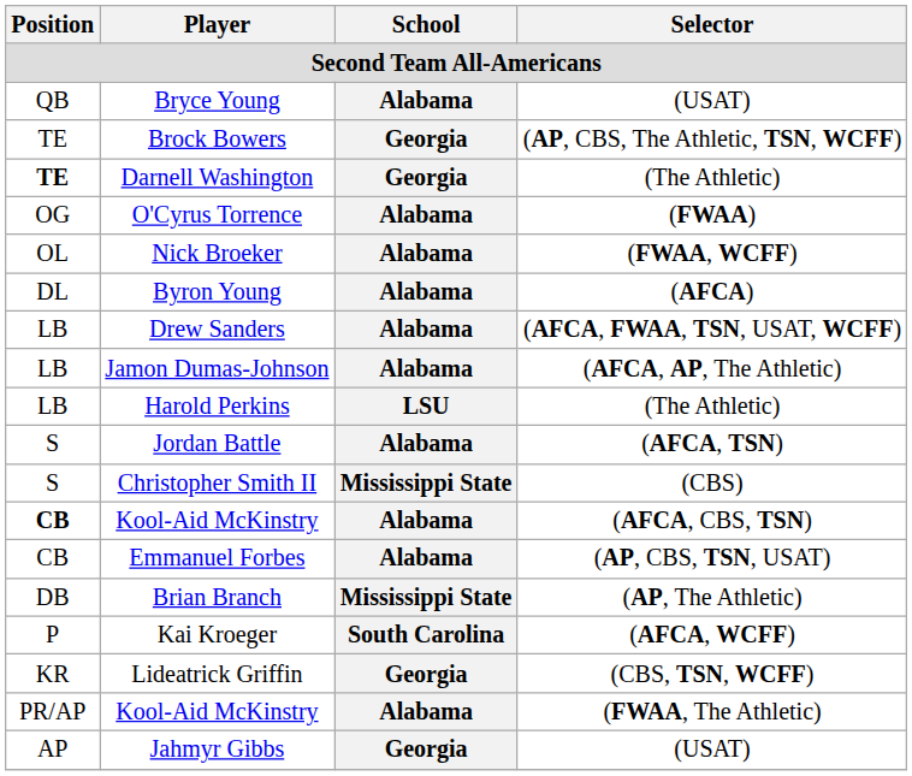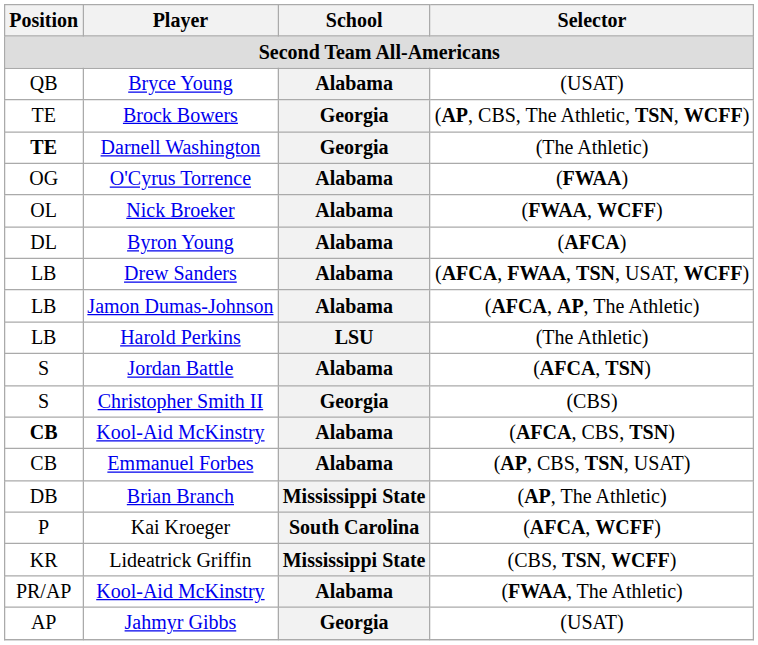 <table class="wikitable">
 <tr>
 <th>Position</th>
 <th>Player</th>
 <th>School</th>
 <th>Selector</th>
 </tr>
 <tr>
 <td colspan="6" style="text-align:center; background:#ddd;"><strong>Second Team All-Americans</strong></td>
 </tr>
 <tr style="text-align:center;">
 <td style="background:white">QB</td>
 <td style="background:white"><a href='#'>Bryce Young</a></td>
 <th>Alabama</th>
 <td style="background:white">(USAT)</td>
 </tr>
 <tr style="text-align:center;">
 <td style="background:white">TE</td>
 <td style="background:white"><a href='#'>Brock Bowers</a></td>
 <th>Georgia</th>
 <td style="background:white">(<strong>AP</strong>, CBS, The Athletic, <strong>TSN</strong>, <strong>WCFF</strong>)</td>
 </tr>
 <tr style="text-align:center;">
 <td style="background:white"><strong>TE</strong></td>
 <td style="background:white"><a href='#'>Darnell Washington</a></td>
 <th>Georgia</th>
 <td style="background:white">(The Athletic)</td>
 </tr>
 <tr style="text-align:center;">
 <td style="background:white">OG</td>
 <td style="background:white"><a href='#'>O'Cyrus Torrence</a></td>
 <th>Alabama</th>
 <td style="background:white">(<strong>FWAA</strong>)</td>
 </tr>
 <tr style="text-align:center;">
 <td style="background:white">OL</td>
 <td style="background:white"><a href='#'>Nick Broeker</a></td>
 <th>Alabama</th>
 <td style="background:white">(<strong>FWAA</strong>, <strong>WCFF</strong>)</td>
 </tr>
 <tr style="text-align:center;">
 <td style="background:white">DL</td>
 <td style="background:white"><a href='#'>Byron Young</a></td>
 <th>Alabama</th>
 <td style="background:white">(<strong>AFCA</strong>)</td>
 </tr>
 <tr style="text-align:center;">
 <td style="background:white">LB</td>
 <td style="background:white"><a href='#'>Drew Sanders</a></td>
 <th>Alabama</th>
 <td style="background:white">(<strong>AFCA</strong>, <strong>FWAA</strong>, <strong>TSN</strong>, USAT, <strong>WCFF</strong>)</td>
 </tr>
 <tr style="text-align:center;">
 <td style="background:white">LB</td>
 <td style="background:white"><a href='#'>Jamon Dumas-Johnson</a></td>
 <th>Alabama</th>
 <td style="background:white">(<strong>AFCA</strong>, <strong>AP</strong>, The Athletic)</td>
 </tr>
 <tr style="text-align:center;">
 <td style="background:white">LB</td>
 <td style="background:white"><a href='#'>Harold Perkins</a></td>
 <th>LSU</th>
 <td style="background:white">(The Athletic)</td>
 </tr>
 <tr style="text-align:center;">
 <td style="background:white">S</td>
 <td style="background:white"><a href='#'>Jordan Battle</a></td>
 <th>Alabama</th>
 <td style="background:white">(<strong>AFCA</strong>, <strong>TSN</strong>)</td>
 </tr>
 <tr style="text-align:center;">
 <td style="background:white">S</td>
 <td style="background:white"><a href='#'>Christopher Smith II</a></td>
-<th>Mississippi State</th>
+<th>Georgia</th>
 <td style="background:white">(CBS)</td>
 </tr>
 <tr style="text-align:center;">
 <td style="background:white"><strong>CB</strong></td>
 <td style="background:white"><a href='#'>Kool-Aid McKinstry</a></td>
 <th>Alabama</th>
 <td style="background:white">(<strong>AFCA</strong>, CBS, <strong>TSN</strong>)</td>
 </tr>
 <tr style="text-align:center;">
 <td style="background:white">CB</td>
 <td style="background:white"><a href='#'>Emmanuel Forbes</a></td>
 <th>Alabama</th>
 <td style="background:white">(<strong>AP</strong>, CBS, <strong>TSN</strong>, USAT)</td>
 </tr>
 <tr style="text-align:center;">
 <td style="background:white">DB</td>
 <td style="background:white"><a href='#'>Brian Branch</a></td>
 <th>Mississippi State</th>
 <td style="background:white">(<strong>AP</strong>, The Athletic)</td>
 </tr>
 <tr style="text-align:center;">
 <td style="background:white">P</td>
 <td style="background:white">Kai Kroeger</td>
 <th>South Carolina</th>
 <td style="background:white">(<strong>AFCA</strong>, <strong>WCFF</strong>)</td>
 </tr>
 <tr style="text-align:center;">
 <td style="background:white">KR</td>
 <td style="background:white">Lideatrick Griffin</td>
-<th>Georgia</th>
+<th>Mississippi State</th>
 <td style="background:white">(CBS, <strong>TSN</strong>, <strong>WCFF</strong>)</td>
 </tr>
 <tr style="text-align:center;">
 <td style="background:white">PR/AP</td>
 <td style="background:white"><a href='#'>Kool-Aid McKinstry</a></td>
 <th>Alabama</th>
 <td style="background:white">(<strong>FWAA</strong>, The Athletic)</td>
 </tr>
 <tr style="text-align:center;">
 <td style="background:white">AP</td>
 <td style="background:white"><a href='#'>Jahmyr Gibbs</a></td>
 <th>Georgia</th>
 <td style="background:white">(USAT)</td>
 </tr>
 <tr>
 </tr>
 </table>
